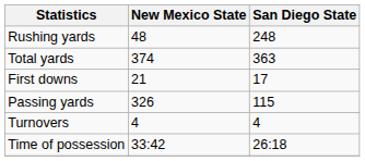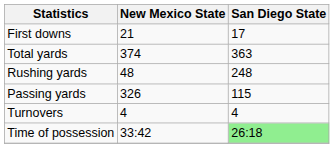 <table class="wikitable">
 <tr>
 <th>Statistics</th>
 <th>New Mexico State</th>
 <th>San Diego State</th>
 </tr>
 <tr>
-<td>Rushing yards</td>
-<td>48</td>
-<td>248</td>
+<td>First downs</td>
+<td>21</td>
+<td>17</td>
 </tr>
 <tr>
 <td>Total yards</td>
 <td>374</td>
 <td>363</td>
 </tr>
 <tr>
-<td>First downs</td>
-<td>21</td>
-<td>17</td>
+<td>Rushing yards</td>
+<td>48</td>
+<td>248</td>
 </tr>
 <tr>
 <td>Passing yards</td>
 <td>326</td>
 <td>115</td>
 </tr>
 <tr>
 <td>Turnovers</td>
 <td>4</td>
 <td>4</td>
 </tr>
 <tr>
 <td>Time of possession</td>
 <td>33:42</td>
-<td>26:18</td>
+<td style="background: lightgreen;">26:18</td>
 </tr>
 <tr>
 </tr>
 </table>
